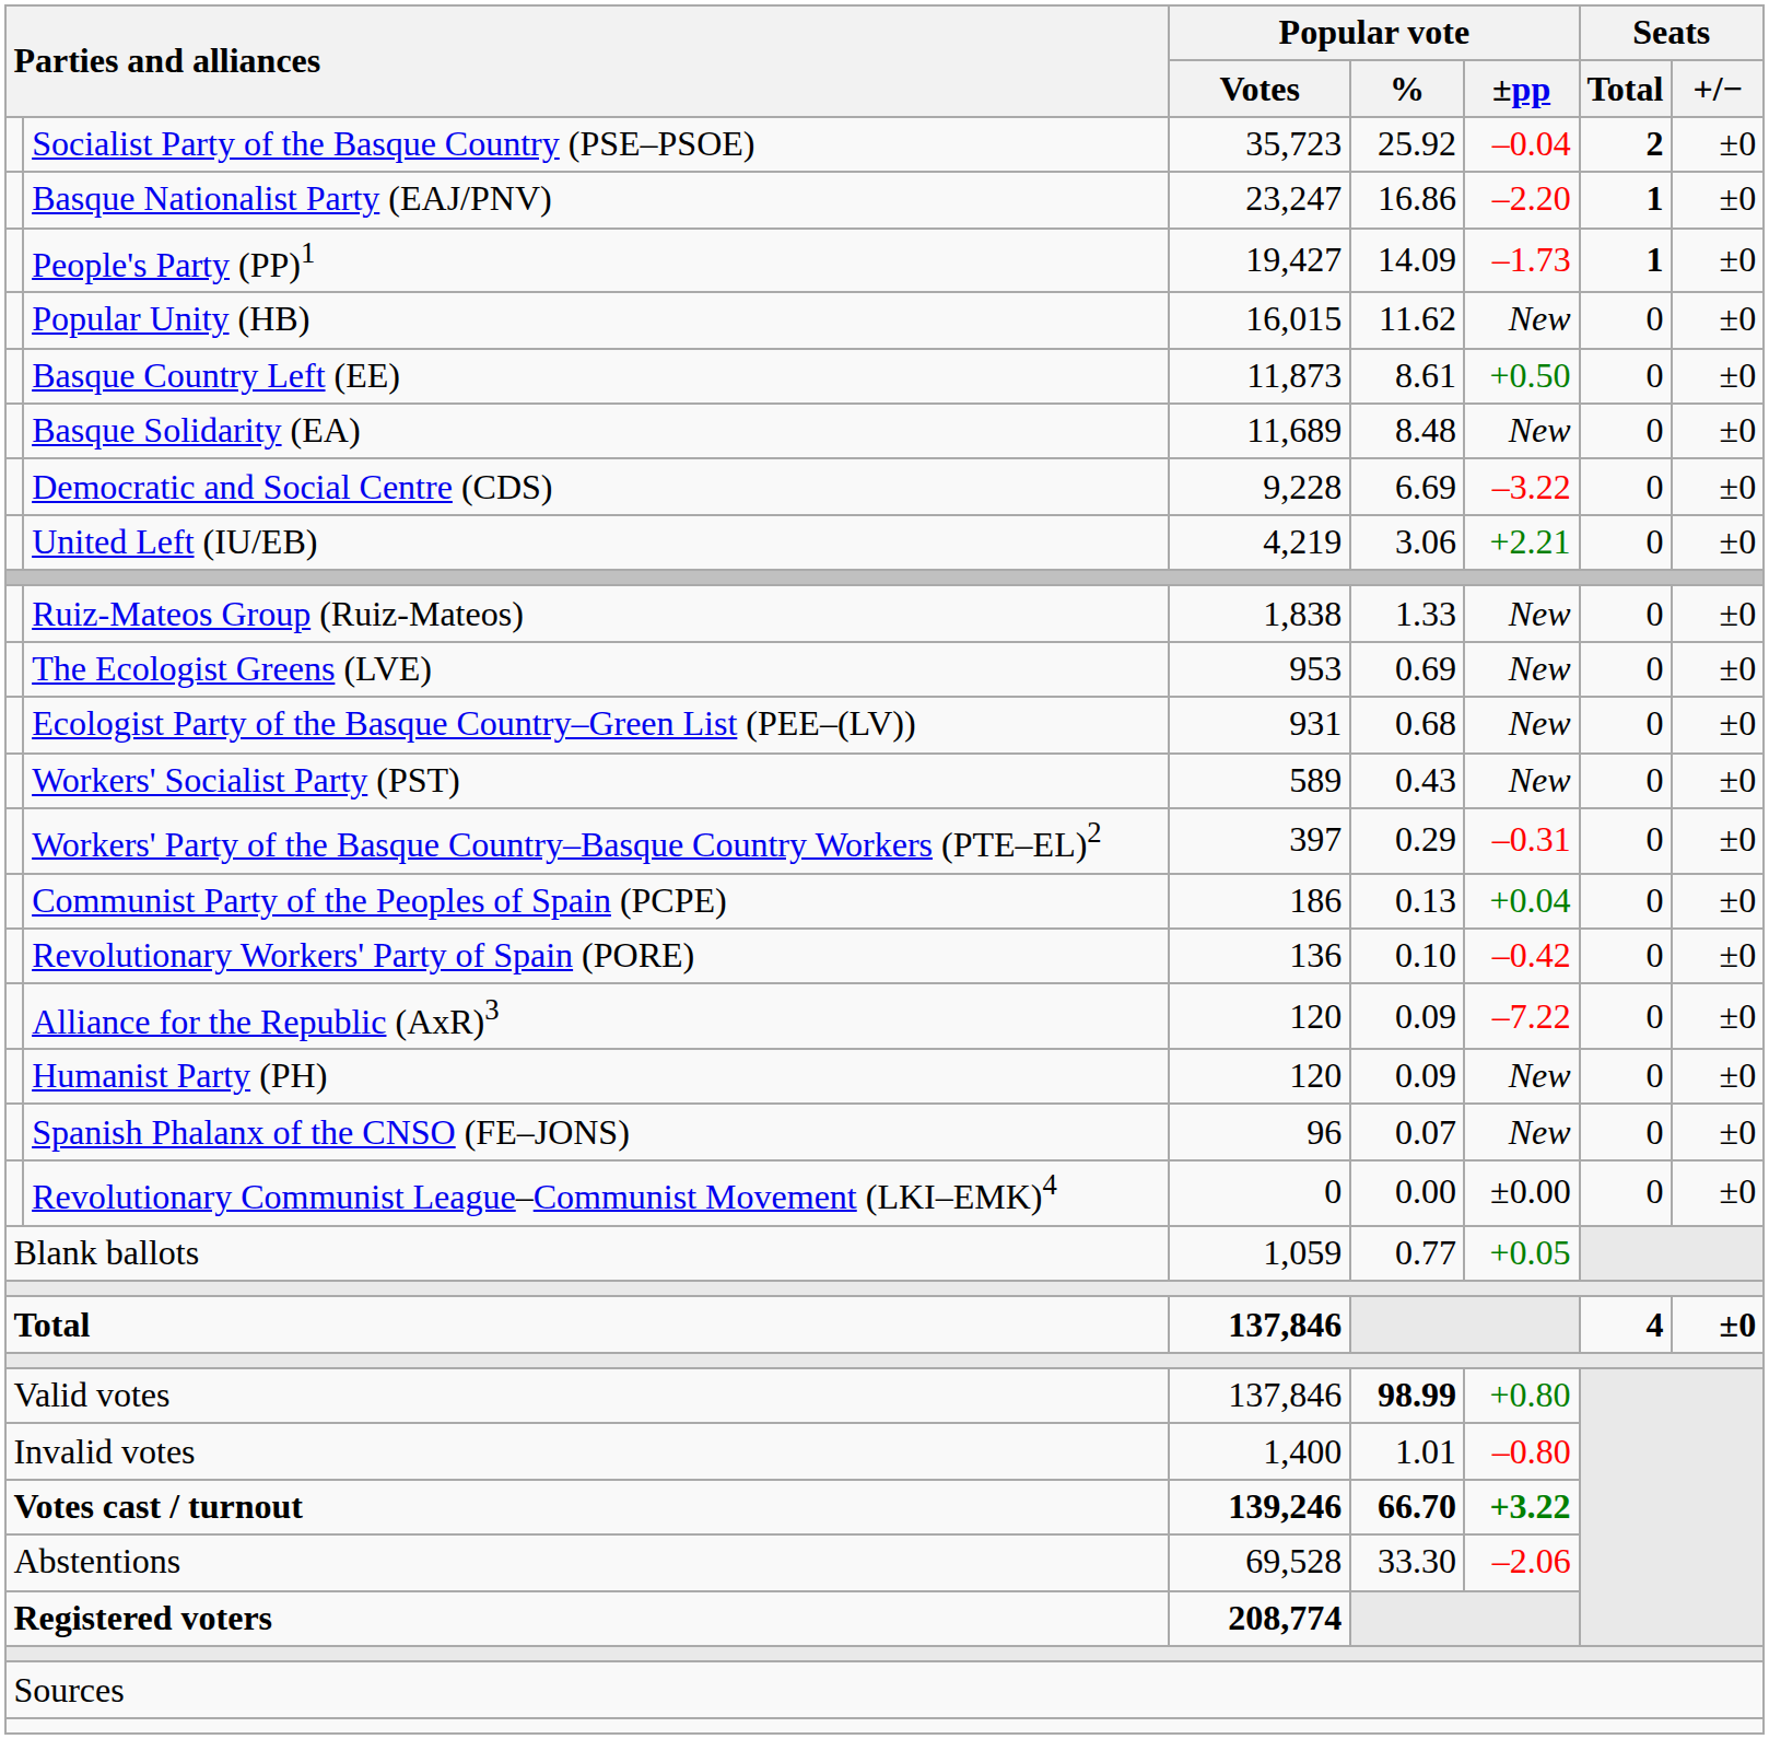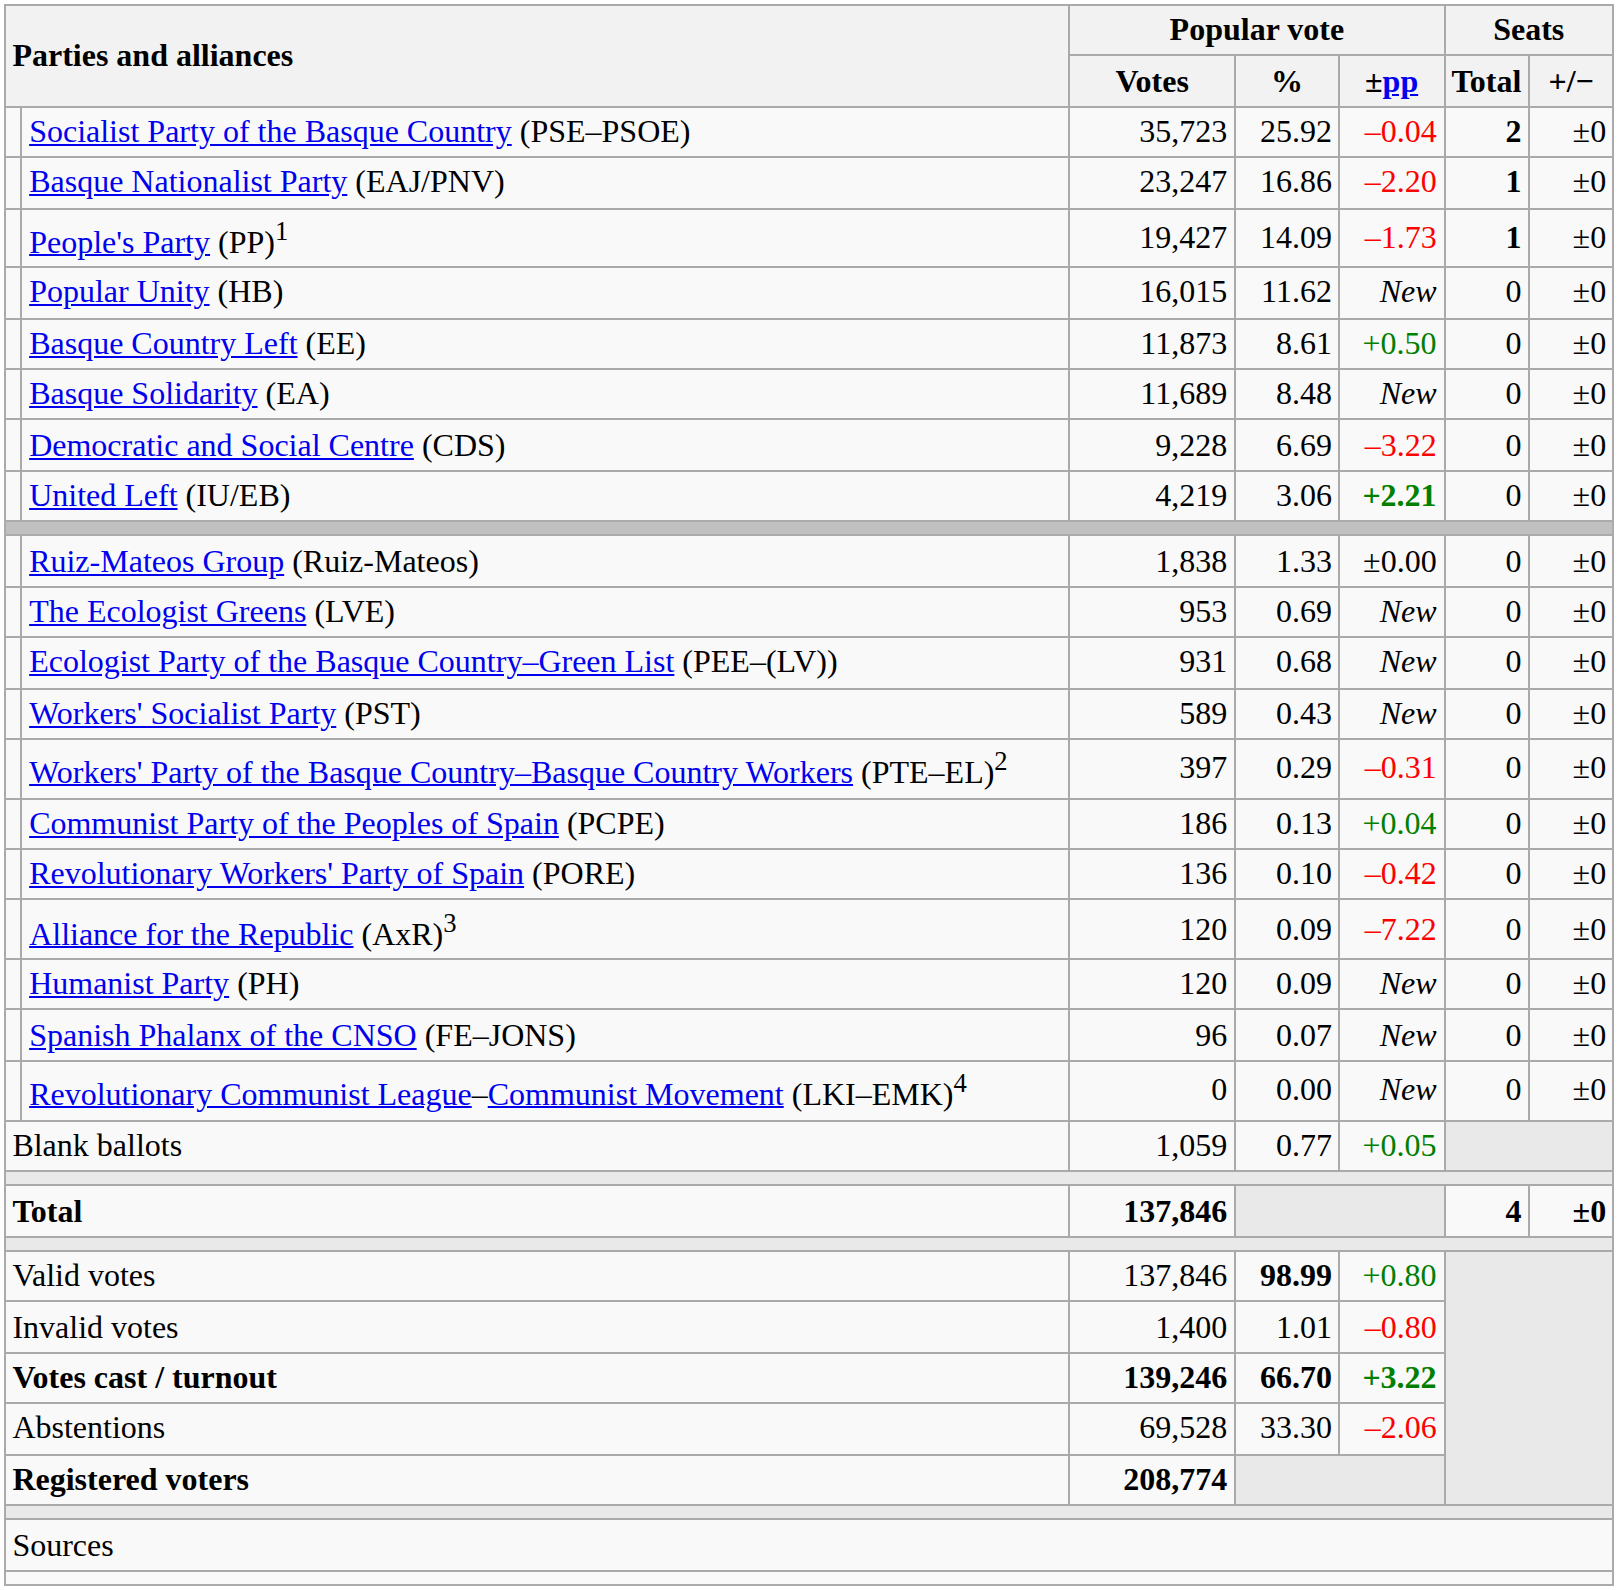 <table class="wikitable" style="text-align:right;">
 <tr>
 <th style="text-align:left;" rowspan="2" colspan="2" width="525">Parties and alliances</th>
 <th colspan="3">Popular vote</th>
 <th colspan="2">Seats</th>
 </tr>
 <tr>
 <th width="75">Votes</th>
 <th width="45">%</th>
 <th width="45">±<a href='#'>pp</a></th>
 <th width="35">Total</th>
 <th width="35">+/−</th>
 </tr>
 <tr>
 <td width="1" style="color:inherit;background:"></td>
 <td align="left"><a href='#'>Socialist Party of the Basque Country</a> (PSE–PSOE)</td>
 <td>35,723</td>
 <td>25.92</td>
 <td style="color:red;">–0.04</td>
 <td><strong>2</strong></td>
 <td>±0</td>
 </tr>
 <tr>
 <td style="color:inherit;background:"></td>
 <td align="left"><a href='#'>Basque Nationalist Party</a> (EAJ/PNV)</td>
 <td>23,247</td>
 <td>16.86</td>
 <td style="color:red;">–2.20</td>
 <td><strong>1</strong></td>
 <td>±0</td>
 </tr>
 <tr>
 <td style="color:inherit;background:"></td>
 <td align="left"><a href='#'>People's Party</a> (PP)<sup>1</sup></td>
 <td>19,427</td>
 <td>14.09</td>
 <td style="color:red;">–1.73</td>
 <td><strong>1</strong></td>
 <td>±0</td>
 </tr>
 <tr>
 <td style="color:inherit;background:"></td>
 <td align="left"><a href='#'>Popular Unity</a> (HB)</td>
 <td>16,015</td>
 <td>11.62</td>
 <td><em>New</em></td>
 <td>0</td>
 <td>±0</td>
 </tr>
 <tr>
 <td style="color:inherit;background:"></td>
 <td align="left"><a href='#'>Basque Country Left</a> (EE)</td>
 <td>11,873</td>
 <td>8.61</td>
 <td style="color:green;">+0.50</td>
 <td>0</td>
 <td>±0</td>
 </tr>
 <tr>
 <td style="color:inherit;background:"></td>
 <td align="left"><a href='#'>Basque Solidarity</a> (EA)</td>
 <td>11,689</td>
 <td>8.48</td>
 <td><em>New</em></td>
 <td>0</td>
 <td>±0</td>
 </tr>
 <tr>
 <td style="color:inherit;background:"></td>
 <td align="left"><a href='#'>Democratic and Social Centre</a> (CDS)</td>
 <td>9,228</td>
 <td>6.69</td>
 <td style="color:red;">–3.22</td>
 <td>0</td>
 <td>±0</td>
 </tr>
 <tr>
 <td style="color:inherit;background:"></td>
 <td align="left"><a href='#'>United Left</a> (IU/EB)</td>
 <td>4,219</td>
 <td>3.06</td>
-<td style="color:green;">+2.21</td>
+<td style="color:green;"><strong>+2.21</strong></td>
 <td>0</td>
 <td>±0</td>
 </tr>
 <tr>
 <td colspan="7" bgcolor="#C0C0C0"></td>
 </tr>
 <tr>
 <td style="color:inherit;background:"></td>
 <td align="left"><a href='#'>Ruiz-Mateos Group</a> (Ruiz-Mateos)</td>
 <td>1,838</td>
 <td>1.33</td>
-<td><em>New</em></td>
+<td>±0.00</td>
 <td>0</td>
 <td>±0</td>
 </tr>
 <tr>
 <td style="color:inherit;background:"></td>
 <td align="left"><a href='#'>The Ecologist Greens</a> (LVE)</td>
 <td>953</td>
 <td>0.69</td>
 <td><em>New</em></td>
 <td>0</td>
 <td>±0</td>
 </tr>
 <tr>
 <td style="color:inherit;background:"></td>
 <td align="left"><a href='#'>Ecologist Party of the Basque Country–Green List</a> (PEE–(LV))</td>
 <td>931</td>
 <td>0.68</td>
 <td><em>New</em></td>
 <td>0</td>
 <td>±0</td>
 </tr>
 <tr>
 <td style="color:inherit;background:"></td>
 <td align="left"><a href='#'>Workers' Socialist Party</a> (PST)</td>
 <td>589</td>
 <td>0.43</td>
 <td><em>New</em></td>
 <td>0</td>
 <td>±0</td>
 </tr>
 <tr>
 <td style="color:inherit;background:"></td>
 <td align="left"><a href='#'>Workers' Party of the Basque Country–Basque Country Workers</a> (PTE–EL)<sup>2</sup></td>
 <td>397</td>
 <td>0.29</td>
 <td style="color:red;">–0.31</td>
 <td>0</td>
 <td>±0</td>
 </tr>
 <tr>
 <td style="color:inherit;background:"></td>
 <td align="left"><a href='#'>Communist Party of the Peoples of Spain</a> (PCPE)</td>
 <td>186</td>
 <td>0.13</td>
 <td style="color:green;">+0.04</td>
 <td>0</td>
 <td>±0</td>
 </tr>
 <tr>
 <td style="color:inherit;background:"></td>
 <td align="left"><a href='#'>Revolutionary Workers' Party of Spain</a> (PORE)</td>
 <td>136</td>
 <td>0.10</td>
 <td style="color:red;">–0.42</td>
 <td>0</td>
 <td>±0</td>
 </tr>
 <tr>
 <td style="color:inherit;background:"></td>
 <td align="left"><a href='#'>Alliance for the Republic</a> (AxR)<sup>3</sup></td>
 <td>120</td>
 <td>0.09</td>
 <td style="color:red;">–7.22</td>
 <td>0</td>
 <td>±0</td>
 </tr>
 <tr>
 <td style="color:inherit;background:"></td>
 <td align="left"><a href='#'>Humanist Party</a> (PH)</td>
 <td>120</td>
 <td>0.09</td>
 <td><em>New</em></td>
 <td>0</td>
 <td>±0</td>
 </tr>
 <tr>
 <td style="color:inherit;background:"></td>
 <td align="left"><a href='#'>Spanish Phalanx of the CNSO</a> (FE–JONS)</td>
 <td>96</td>
 <td>0.07</td>
 <td><em>New</em></td>
 <td>0</td>
 <td>±0</td>
 </tr>
 <tr>
 <td style="color:inherit;background:"></td>
 <td align="left"><a href='#'>Revolutionary Communist League</a>–<a href='#'>Communist Movement</a> (LKI–EMK)<sup>4</sup></td>
 <td>0</td>
 <td>0.00</td>
-<td>±0.00</td>
+<td><em>New</em></td>
 <td>0</td>
 <td>±0</td>
 </tr>
 <tr>
 <td align="left" colspan="2">Blank ballots</td>
 <td>1,059</td>
 <td>0.77</td>
 <td style="color:green;">+0.05</td>
 <td bgcolor="#E9E9E9" colspan="2"></td>
 </tr>
 <tr>
 <td colspan="7" bgcolor="#E9E9E9"></td>
 </tr>
 <tr style="font-weight:bold;">
 <td align="left" colspan="2">Total</td>
 <td>137,846</td>
 <td bgcolor="#E9E9E9" colspan="2"></td>
 <td>4</td>
 <td>±0</td>
 </tr>
 <tr>
 <td colspan="7" bgcolor="#E9E9E9"></td>
 </tr>
 <tr>
 <td align="left" colspan="2">Valid votes</td>
 <td>137,846</td>
 <td><strong>98.99</strong></td>
 <td style="color:green;">+0.80</td>
 <td bgcolor="#E9E9E9" colspan="2" rowspan="5"></td>
 </tr>
 <tr>
 <td align="left" colspan="2">Invalid votes</td>
 <td>1,400</td>
 <td>1.01</td>
 <td style="color:red;">–0.80</td>
 </tr>
 <tr style="font-weight:bold;">
 <td align="left" colspan="2">Votes cast / turnout</td>
 <td>139,246</td>
 <td>66.70</td>
 <td style="color:green;">+3.22</td>
 </tr>
 <tr>
 <td align="left" colspan="2">Abstentions</td>
 <td>69,528</td>
 <td>33.30</td>
 <td style="color:red;">–2.06</td>
 </tr>
 <tr style="font-weight:bold;">
 <td align="left" colspan="2">Registered voters</td>
 <td>208,774</td>
 <td bgcolor="#E9E9E9" colspan="2"></td>
 </tr>
 <tr>
 <td colspan="7" bgcolor="#E9E9E9"></td>
 </tr>
 <tr>
 <td align="left" colspan="7">Sources</td>
 </tr>
 <tr>
 <td colspan="7" style="text-align:left; max-width:790px;"></td>
 </tr>
 </table>
